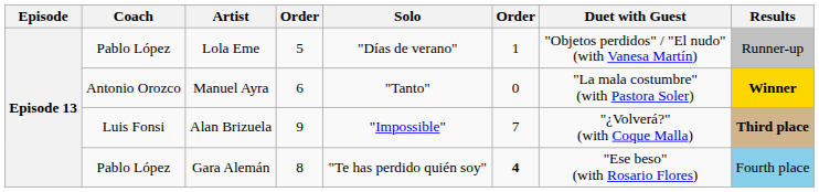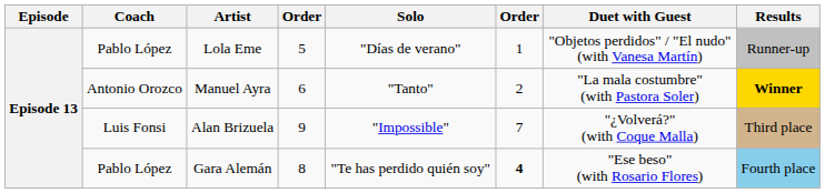 <table class="wikitable" style="text-align:center; width:100%">
 <tr>
 <th>Episode</th>
 <th>Coach</th>
 <th>Artist</th>
 <th>Order</th>
 <th>Solo</th>
 <th>Order</th>
 <th>Duet with Guest</th>
 <th>Results</th>
 </tr>
 <tr>
 <th rowspan="4">Episode 13<br></th>
 <td>Pablo López</td>
 <td>Lola Eme</td>
 <td>5</td>
 <td>"Días de verano"</td>
 <td>1</td>
 <td>"Objetos perdidos" / "El nudo"<br>(with <a href='#'>Vanesa Martín</a>)</td>
 <td style="background:silver">Runner-up</td>
 </tr>
 <tr>
 <td>Antonio Orozco</td>
 <td>Manuel Ayra</td>
 <td>6</td>
 <td>"Tanto"</td>
-<td>0</td>
+<td>2</td>
 <td>"La mala costumbre"<br>(with <a href='#'>Pastora Soler</a>)</td>
 <td style="background:gold"><strong>Winner</strong></td>
 </tr>
 <tr>
 <td>Luis Fonsi</td>
 <td>Alan Brizuela</td>
 <td>9</td>
 <td>"<a href='#'>Impossible</a>"</td>
 <td>7</td>
 <td>"¿Volverá?"<br>(with <a href='#'>Coque Malla</a>)</td>
-<td style="background:tan"><strong>Third place</strong></td>
+<td style="background:tan">Third place</td>
 </tr>
 <tr>
 <td>Pablo López</td>
 <td>Gara Alemán</td>
 <td>8</td>
 <td>"Te has perdido quién soy"</td>
 <td><strong>4</strong></td>
 <td>"Ese beso"<br>(with <a href='#'>Rosario Flores</a>)</td>
 <td style="background:skyblue">Fourth place</td>
 </tr>
 </table>
